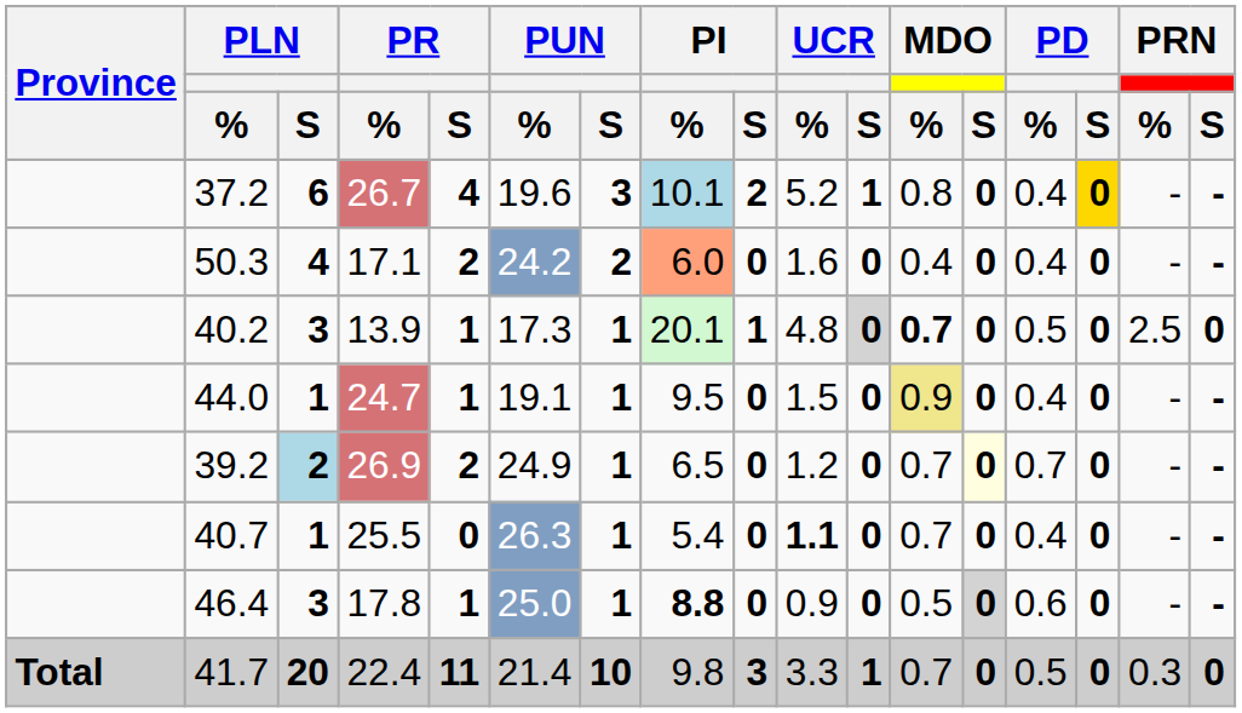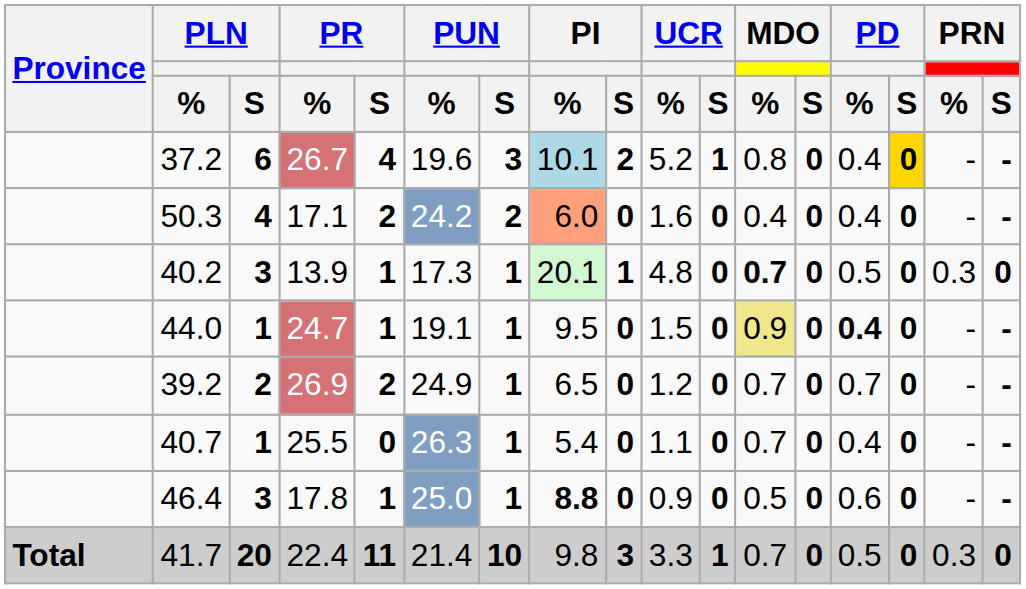 <table class="wikitable sortable" style="text-align:right; font-size:95%; line-height:20px;">
 <tr>
 <th rowspan="3"><a href='#'>Province</a></th>
 <th colspan="2" width="30px"><a href='#'>PLN</a></th>
 <th colspan="2" width="30px"><a href='#'>PR</a></th>
 <th colspan="2" width="30px"><a href='#'>PUN</a></th>
 <th colspan="2" width="30px">PI</th>
 <th colspan="2" width="30px"><a href='#'>UCR</a></th>
 <th colspan="2" width="30px">MDO</th>
 <th colspan="2" width="30px"><a href='#'>PD</a></th>
 <th colspan="2" width="30px">PRN</th>
 </tr>
 <tr>
 <th colspan="2" style="background:"></th>
 <th colspan="2" style="background:"></th>
 <th colspan="2" style="background:"></th>
 <th colspan="2" style="background:"></th>
 <th colspan="2" style="background:"></th>
 <th colspan="2" style="background:yellow"></th>
 <th colspan="2" style="background:"></th>
 <th colspan="2" style="background:red"></th>
 </tr>
 <tr>
 <th data-sort-type="number">%</th>
 <th data-sort-type="number">S</th>
 <th data-sort-type="number">%</th>
 <th data-sort-type="number">S</th>
 <th data-sort-type="number">%</th>
 <th data-sort-type="number">S</th>
 <th data-sort-type="number">%</th>
 <th data-sort-type="number">S</th>
 <th data-sort-type="number">%</th>
 <th data-sort-type="number">S</th>
 <th data-sort-type="number">%</th>
 <th data-sort-type="number">S</th>
 <th data-sort-type="number">%</th>
 <th data-sort-type="number">S</th>
 <th data-sort-type="number">%</th>
 <th data-sort-type="number">S</th>
 </tr>
 <tr>
 <td align="left"></td>
 <td style="background:">37.2</td>
 <td><strong>6</strong></td>
 <td style="background:#d57276; color:white;">26.7</td>
 <td><strong>4</strong></td>
 <td>19.6</td>
 <td><strong>3</strong></td>
 <td style="background: lightblue;">10.1</td>
 <td><strong>2</strong></td>
 <td>5.2</td>
 <td><strong>1</strong></td>
 <td>0.8</td>
 <td><strong>0</strong></td>
 <td>0.4</td>
 <td style="background: gold;"><strong>0</strong></td>
 <td>-</td>
 <td><strong>-</strong></td>
 </tr>
 <tr>
 <td align="left"></td>
 <td style="background:">50.3</td>
 <td><strong>4</strong></td>
 <td>17.1</td>
 <td><strong>2</strong></td>
 <td style="background:#809ec1; color:white;">24.2</td>
 <td><strong>2</strong></td>
 <td style="background: lightsalmon;">6.0</td>
 <td><strong>0</strong></td>
 <td>1.6</td>
 <td><strong>0</strong></td>
 <td>0.4</td>
 <td><strong>0</strong></td>
 <td>0.4</td>
 <td><strong>0</strong></td>
 <td>-</td>
 <td><strong>-</strong></td>
 </tr>
 <tr>
 <td align="left"></td>
 <td style="background:">40.2</td>
 <td><strong>3</strong></td>
 <td>13.9</td>
 <td><strong>1</strong></td>
 <td>17.3</td>
 <td><strong>1</strong></td>
 <td style="background:#d2f8d2; color:black;">20.1</td>
 <td><strong>1</strong></td>
 <td>4.8</td>
-<td style="background: lightgrey;"><strong>0</strong></td>
+<td><strong>0</strong></td>
 <td><strong>0.7</strong></td>
 <td><strong>0</strong></td>
 <td>0.5</td>
 <td><strong>0</strong></td>
-<td>2.5</td>
+<td>0.3</td>
 <td><strong>0</strong></td>
 </tr>
 <tr>
 <td align="left"></td>
 <td style="background:">44.0</td>
 <td><strong>1</strong></td>
 <td style="background:#d57276; color:white;">24.7</td>
 <td><strong>1</strong></td>
 <td>19.1</td>
 <td><strong>1</strong></td>
 <td>9.5</td>
 <td><strong>0</strong></td>
 <td>1.5</td>
 <td><strong>0</strong></td>
 <td style="background: khaki;">0.9</td>
 <td><strong>0</strong></td>
-<td>0.4</td>
+<td><strong>0.4</strong></td>
 <td><strong>0</strong></td>
 <td>-</td>
 <td><strong>-</strong></td>
 </tr>
 <tr>
 <td align="left"></td>
 <td style="background:">39.2</td>
-<td style="background: lightblue;"><strong>2</strong></td>
+<td><strong>2</strong></td>
 <td style="background:#d57276; color:white;">26.9</td>
 <td><strong>2</strong></td>
 <td>24.9</td>
 <td><strong>1</strong></td>
 <td>6.5</td>
 <td><strong>0</strong></td>
 <td>1.2</td>
 <td><strong>0</strong></td>
 <td>0.7</td>
-<td style="background: lightyellow;"><strong>0</strong></td>
+<td><strong>0</strong></td>
 <td>0.7</td>
 <td><strong>0</strong></td>
 <td>-</td>
 <td><strong>-</strong></td>
 </tr>
 <tr>
 <td align="left"></td>
 <td style="background:">40.7</td>
 <td><strong>1</strong></td>
 <td>25.5</td>
 <td><strong>0</strong></td>
 <td style="background:#809ec1; color:white;">26.3</td>
 <td><strong>1</strong></td>
 <td>5.4</td>
 <td><strong>0</strong></td>
-<td><strong>1.1</strong></td>
+<td>1.1</td>
 <td><strong>0</strong></td>
 <td>0.7</td>
 <td><strong>0</strong></td>
 <td>0.4</td>
 <td><strong>0</strong></td>
 <td>-</td>
 <td><strong>-</strong></td>
 </tr>
 <tr>
 <td align="left"></td>
 <td style="background:">46.4</td>
 <td><strong>3</strong></td>
 <td>17.8</td>
 <td><strong>1</strong></td>
 <td style="background:#809ec1; color:white;">25.0</td>
 <td><strong>1</strong></td>
 <td><strong>8.8</strong></td>
 <td><strong>0</strong></td>
 <td>0.9</td>
 <td><strong>0</strong></td>
 <td>0.5</td>
-<td style="background: lightgrey;"><strong>0</strong></td>
+<td><strong>0</strong></td>
 <td>0.6</td>
 <td><strong>0</strong></td>
 <td>-</td>
 <td><strong>-</strong></td>
 </tr>
 <tr style="background:#CDCDCD;">
 <td align="left"><strong>Total</strong></td>
 <td style="background:">41.7</td>
 <td><strong>20</strong></td>
 <td>22.4</td>
 <td><strong>11</strong></td>
 <td>21.4</td>
 <td><strong>10</strong></td>
 <td>9.8</td>
 <td><strong>3</strong></td>
 <td>3.3</td>
 <td><strong>1</strong></td>
 <td>0.7</td>
 <td><strong>0</strong></td>
 <td>0.5</td>
 <td><strong>0</strong></td>
 <td>0.3</td>
 <td><strong>0</strong></td>
 </tr>
 </table>
